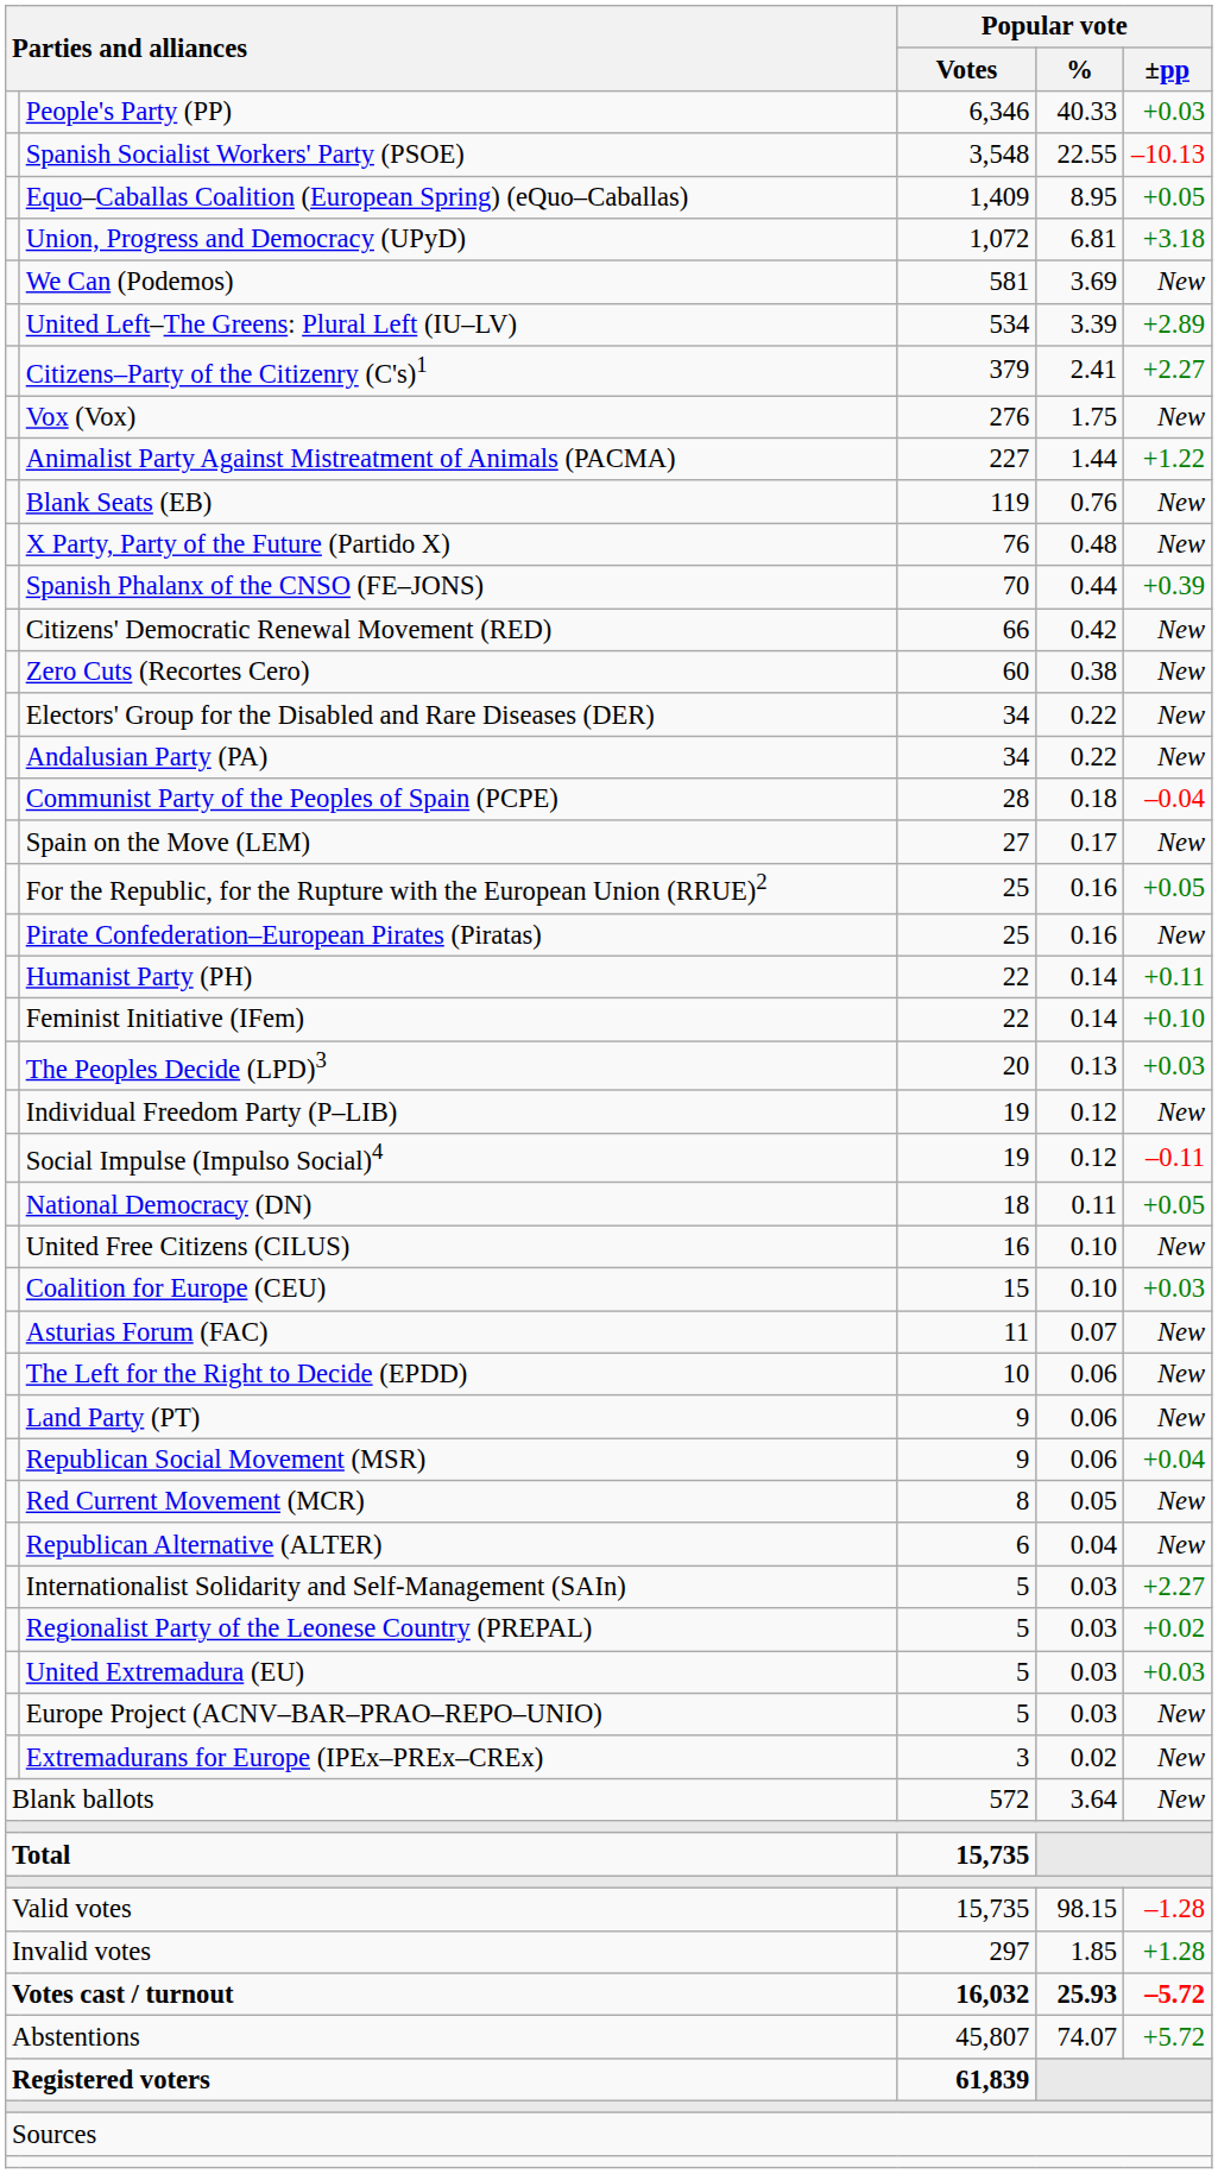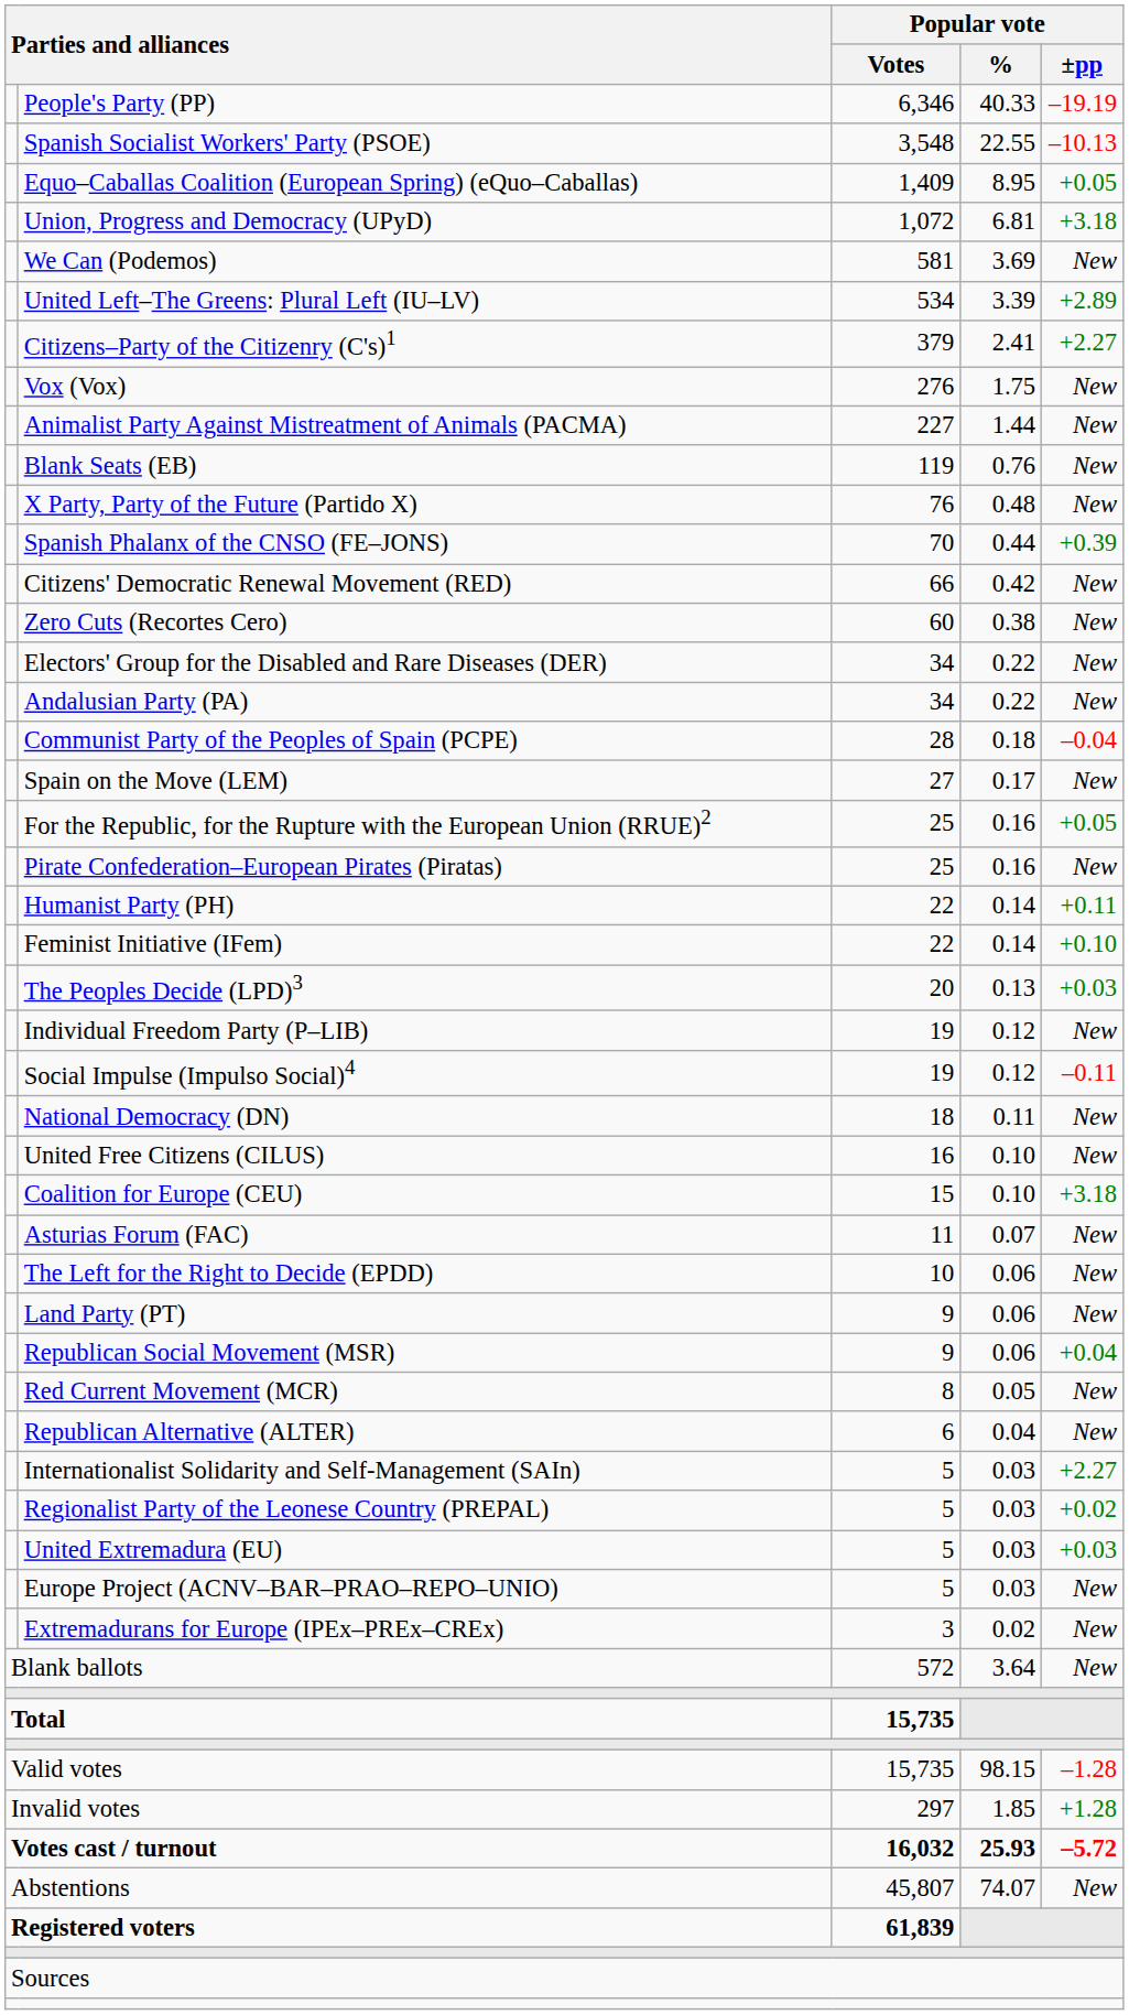 <table class="wikitable" style="text-align:right">
 <tr>
 <th style="text-align:left;" rowspan="2" colspan="2" width="525">Parties and alliances</th>
 <th colspan="3">Popular vote</th>
 </tr>
 <tr>
 <th width="75">Votes</th>
 <th width="45">%</th>
 <th width="45">±<a href='#'>pp</a></th>
 </tr>
 <tr>
 <td width="1" style="color:inherit;background:"></td>
 <td align="left"><a href='#'>People's Party</a> (PP)</td>
 <td>6,346</td>
 <td>40.33</td>
-<td style="color:green;">+0.03</td>
+<td style="color:red;">–19.19</td>
 </tr>
 <tr>
 <td style="color:inherit;background:"></td>
 <td align="left"><a href='#'>Spanish Socialist Workers' Party</a> (PSOE)</td>
 <td>3,548</td>
 <td>22.55</td>
 <td style="color:red;">–10.13</td>
 </tr>
 <tr>
 <td style="color:inherit;background:"></td>
 <td align="left"><a href='#'>Equo</a>–<a href='#'>Caballas Coalition</a> (<a href='#'>European Spring</a>) (eQuo–Caballas)</td>
 <td>1,409</td>
 <td>8.95</td>
 <td style="color:green;">+0.05</td>
 </tr>
 <tr>
 <td style="color:inherit;background:"></td>
 <td align="left"><a href='#'>Union, Progress and Democracy</a> (UPyD)</td>
 <td>1,072</td>
 <td>6.81</td>
 <td style="color:green;">+3.18</td>
 </tr>
 <tr>
 <td style="color:inherit;background:"></td>
 <td align="left"><a href='#'>We Can</a> (Podemos)</td>
 <td>581</td>
 <td>3.69</td>
 <td><em>New</em></td>
 </tr>
 <tr>
 <td style="color:inherit;background:"></td>
 <td align="left"><a href='#'>United Left</a>–<a href='#'>The Greens</a>: <a href='#'>Plural Left</a> (IU–LV)</td>
 <td>534</td>
 <td>3.39</td>
 <td style="color:green;">+2.89</td>
 </tr>
 <tr>
 <td style="color:inherit;background:"></td>
 <td align="left"><a href='#'>Citizens–Party of the Citizenry</a> (C's)<sup>1</sup></td>
 <td>379</td>
 <td>2.41</td>
 <td style="color:green;">+2.27</td>
 </tr>
 <tr>
 <td style="color:inherit;background:"></td>
 <td align="left"><a href='#'>Vox</a> (Vox)</td>
 <td>276</td>
 <td>1.75</td>
 <td><em>New</em></td>
 </tr>
 <tr>
 <td style="color:inherit;background:"></td>
 <td align="left"><a href='#'>Animalist Party Against Mistreatment of Animals</a> (PACMA)</td>
 <td>227</td>
 <td>1.44</td>
-<td style="color:green;">+1.22</td>
+<td><em>New</em></td>
 </tr>
 <tr>
 <td style="color:inherit;background:"></td>
 <td align="left"><a href='#'>Blank Seats</a> (EB)</td>
 <td>119</td>
 <td>0.76</td>
 <td><em>New</em></td>
 </tr>
 <tr>
 <td style="color:inherit;background:"></td>
 <td align="left"><a href='#'>X Party, Party of the Future</a> (Partido X)</td>
 <td>76</td>
 <td>0.48</td>
 <td><em>New</em></td>
 </tr>
 <tr>
 <td style="color:inherit;background:"></td>
 <td align="left"><a href='#'>Spanish Phalanx of the CNSO</a> (FE–JONS)</td>
 <td>70</td>
 <td>0.44</td>
 <td style="color:green;">+0.39</td>
 </tr>
 <tr>
 <td style="color:inherit;background:"></td>
 <td align="left">Citizens' Democratic Renewal Movement (RED)</td>
 <td>66</td>
 <td>0.42</td>
 <td><em>New</em></td>
 </tr>
 <tr>
 <td style="color:inherit;background:"></td>
 <td align="left"><a href='#'>Zero Cuts</a> (Recortes Cero)</td>
 <td>60</td>
 <td>0.38</td>
 <td><em>New</em></td>
 </tr>
 <tr>
 <td style="color:inherit;background:"></td>
 <td align="left">Electors' Group for the Disabled and Rare Diseases (DER)</td>
 <td>34</td>
 <td>0.22</td>
 <td><em>New</em></td>
 </tr>
 <tr>
 <td style="color:inherit;background:"></td>
 <td align="left"><a href='#'>Andalusian Party</a> (PA)</td>
 <td>34</td>
 <td>0.22</td>
 <td><em>New</em></td>
 </tr>
 <tr>
 <td style="color:inherit;background:"></td>
 <td align="left"><a href='#'>Communist Party of the Peoples of Spain</a> (PCPE)</td>
 <td>28</td>
 <td>0.18</td>
 <td style="color:red;">–0.04</td>
 </tr>
 <tr>
 <td style="color:inherit;background:"></td>
 <td align="left">Spain on the Move (LEM)</td>
 <td>27</td>
 <td>0.17</td>
 <td><em>New</em></td>
 </tr>
 <tr>
 <td style="color:inherit;background:"></td>
 <td align="left">For the Republic, for the Rupture with the European Union (RRUE)<sup>2</sup></td>
 <td>25</td>
 <td>0.16</td>
 <td style="color:green;">+0.05</td>
 </tr>
 <tr>
 <td style="color:inherit;background:"></td>
 <td align="left"><a href='#'>Pirate Confederation–European Pirates</a> (Piratas)</td>
 <td>25</td>
 <td>0.16</td>
 <td><em>New</em></td>
 </tr>
 <tr>
 <td style="color:inherit;background:"></td>
 <td align="left"><a href='#'>Humanist Party</a> (PH)</td>
 <td>22</td>
 <td>0.14</td>
 <td style="color:green;">+0.11</td>
 </tr>
 <tr>
 <td style="color:inherit;background:"></td>
 <td align="left">Feminist Initiative (IFem)</td>
 <td>22</td>
 <td>0.14</td>
 <td style="color:green;">+0.10</td>
 </tr>
 <tr>
 <td style="color:inherit;background:"></td>
 <td align="left"><a href='#'>The Peoples Decide</a> (LPD)<sup>3</sup></td>
 <td>20</td>
 <td>0.13</td>
 <td style="color:green;">+0.03</td>
 </tr>
 <tr>
 <td style="color:inherit;background:"></td>
 <td align="left">Individual Freedom Party (P–LIB)</td>
 <td>19</td>
 <td>0.12</td>
 <td><em>New</em></td>
 </tr>
 <tr>
 <td style="color:inherit;background:"></td>
 <td align="left">Social Impulse (Impulso Social)<sup>4</sup></td>
 <td>19</td>
 <td>0.12</td>
 <td style="color:red;">–0.11</td>
 </tr>
 <tr>
 <td style="color:inherit;background:"></td>
 <td align="left"><a href='#'>National Democracy</a> (DN)</td>
 <td>18</td>
 <td>0.11</td>
-<td style="color:green;">+0.05</td>
+<td><em>New</em></td>
 </tr>
 <tr>
 <td style="color:inherit;background:"></td>
 <td align="left">United Free Citizens (CILUS)</td>
 <td>16</td>
 <td>0.10</td>
 <td><em>New</em></td>
 </tr>
 <tr>
 <td style="color:inherit;background:"></td>
 <td align="left"><a href='#'>Coalition for Europe</a> (CEU)</td>
 <td>15</td>
 <td>0.10</td>
-<td style="color:green;">+0.03</td>
+<td style="color:green;">+3.18</td>
 </tr>
 <tr>
 <td style="color:inherit;background:"></td>
 <td align="left"><a href='#'>Asturias Forum</a> (FAC)</td>
 <td>11</td>
 <td>0.07</td>
 <td><em>New</em></td>
 </tr>
 <tr>
 <td style="color:inherit;background:"></td>
 <td align="left"><a href='#'>The Left for the Right to Decide</a> (EPDD)</td>
 <td>10</td>
 <td>0.06</td>
 <td><em>New</em></td>
 </tr>
 <tr>
 <td style="color:inherit;background:"></td>
 <td align="left"><a href='#'>Land Party</a> (PT)</td>
 <td>9</td>
 <td>0.06</td>
 <td><em>New</em></td>
 </tr>
 <tr>
 <td style="color:inherit;background:"></td>
 <td align="left"><a href='#'>Republican Social Movement</a> (MSR)</td>
 <td>9</td>
 <td>0.06</td>
 <td style="color:green;">+0.04</td>
 </tr>
 <tr>
 <td style="color:inherit;background:"></td>
 <td align="left"><a href='#'>Red Current Movement</a> (MCR)</td>
 <td>8</td>
 <td>0.05</td>
 <td><em>New</em></td>
 </tr>
 <tr>
 <td style="color:inherit;background:"></td>
 <td align="left"><a href='#'>Republican Alternative</a> (ALTER)</td>
 <td>6</td>
 <td>0.04</td>
 <td><em>New</em></td>
 </tr>
 <tr>
 <td style="color:inherit;background:"></td>
 <td align="left">Internationalist Solidarity and Self-Management (SAIn)</td>
 <td>5</td>
 <td>0.03</td>
 <td style="color:green;">+2.27</td>
 </tr>
 <tr>
 <td style="color:inherit;background:"></td>
 <td align="left"><a href='#'>Regionalist Party of the Leonese Country</a> (PREPAL)</td>
 <td>5</td>
 <td>0.03</td>
 <td style="color:green;">+0.02</td>
 </tr>
 <tr>
 <td style="color:inherit;background:"></td>
 <td align="left"><a href='#'>United Extremadura</a> (EU)</td>
 <td>5</td>
 <td>0.03</td>
 <td style="color:green;">+0.03</td>
 </tr>
 <tr>
 <td style="color:inherit;background:"></td>
 <td align="left">Europe Project (ACNV–BAR–PRAO–REPO–UNIO)</td>
 <td>5</td>
 <td>0.03</td>
 <td><em>New</em></td>
 </tr>
 <tr>
 <td style="color:inherit;background:"></td>
 <td align="left"><a href='#'>Extremadurans for Europe</a> (IPEx–PREx–CREx)</td>
 <td>3</td>
 <td>0.02</td>
 <td><em>New</em></td>
 </tr>
 <tr>
 <td align="left" colspan="2">Blank ballots</td>
 <td>572</td>
 <td>3.64</td>
 <td><em>New</em></td>
 </tr>
 <tr>
 <td colspan="5" bgcolor="#E9E9E9"></td>
 </tr>
 <tr style="font-weight:bold;">
 <td align="left" colspan="2">Total</td>
 <td>15,735</td>
 <td bgcolor="#E9E9E9" colspan="2"></td>
 </tr>
 <tr>
 <td colspan="5" bgcolor="#E9E9E9"></td>
 </tr>
 <tr>
 <td align="left" colspan="2">Valid votes</td>
 <td>15,735</td>
 <td>98.15</td>
 <td style="color:red;">–1.28</td>
 </tr>
 <tr>
 <td align="left" colspan="2">Invalid votes</td>
 <td>297</td>
 <td>1.85</td>
 <td style="color:green;">+1.28</td>
 </tr>
 <tr style="font-weight:bold;">
 <td align="left" colspan="2">Votes cast / turnout</td>
 <td>16,032</td>
 <td>25.93</td>
 <td style="color:red;">–5.72</td>
 </tr>
 <tr>
 <td align="left" colspan="2">Abstentions</td>
 <td>45,807</td>
 <td>74.07</td>
-<td style="color:green;">+5.72</td>
+<td><em>New</em></td>
 </tr>
 <tr style="font-weight:bold;">
 <td align="left" colspan="2">Registered voters</td>
 <td>61,839</td>
 <td bgcolor="#E9E9E9" colspan="2"></td>
 </tr>
 <tr>
 <td colspan="5" bgcolor="#E9E9E9"></td>
 </tr>
 <tr>
 <td align="left" colspan="5">Sources</td>
 </tr>
 <tr>
 <td colspan="5" style="text-align:left; max-width:680px;"></td>
 </tr>
 </table>
